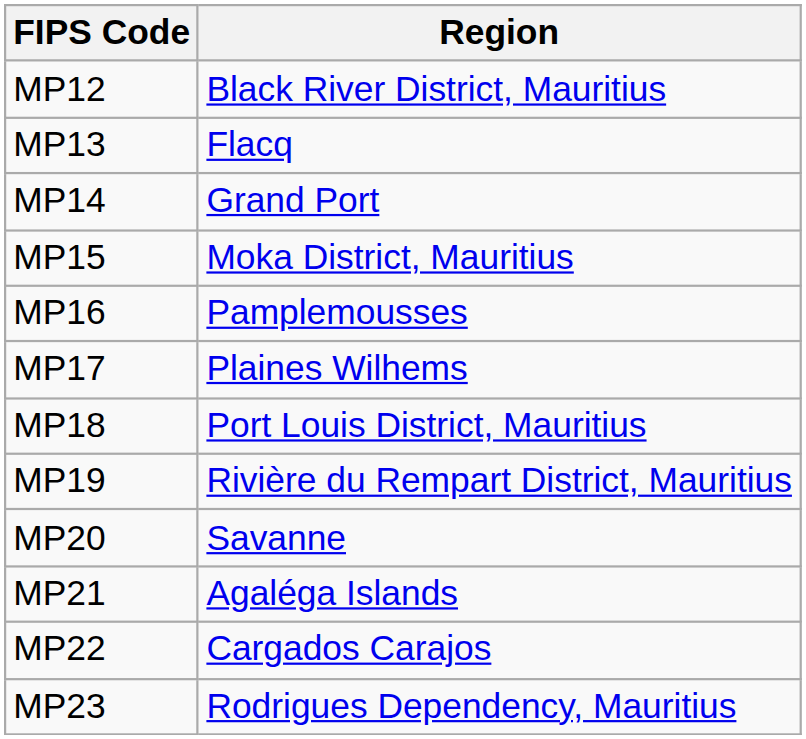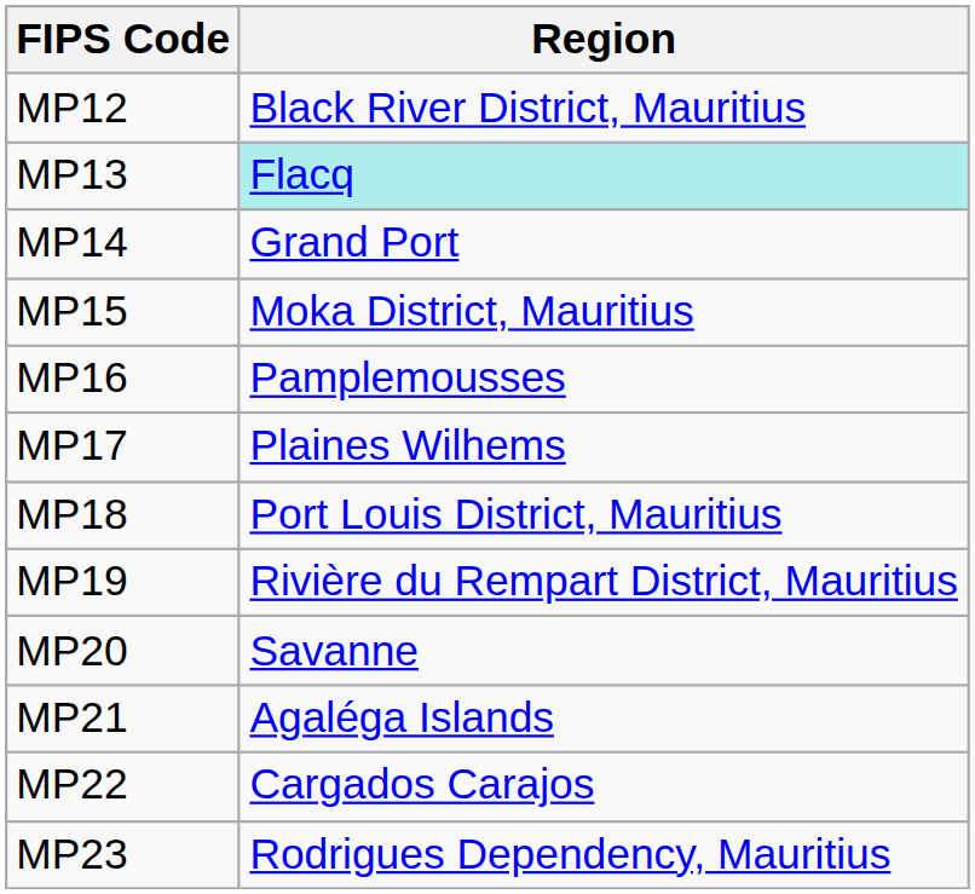 <table class="wikitable">
 <tr>
 <th>FIPS Code</th>
 <th>Region</th>
 </tr>
 <tr>
 <td>MP12</td>
 <td><a href='#'>Black River District, Mauritius</a></td>
 </tr>
 <tr>
 <td>MP13</td>
-<td><a href='#'>Flacq</a></td>
+<td style="background: paleturquoise;"><a href='#'>Flacq</a></td>
 </tr>
 <tr>
 <td>MP14</td>
 <td><a href='#'>Grand Port</a></td>
 </tr>
 <tr>
 <td>MP15</td>
 <td><a href='#'>Moka District, Mauritius</a></td>
 </tr>
 <tr>
 <td>MP16</td>
 <td><a href='#'>Pamplemousses</a></td>
 </tr>
 <tr>
 <td>MP17</td>
 <td><a href='#'>Plaines Wilhems</a></td>
 </tr>
 <tr>
 <td>MP18</td>
 <td><a href='#'>Port Louis District, Mauritius</a></td>
 </tr>
 <tr>
 <td>MP19</td>
 <td><a href='#'>Rivière du Rempart District, Mauritius</a></td>
 </tr>
 <tr>
 <td>MP20</td>
 <td><a href='#'>Savanne</a></td>
 </tr>
 <tr>
 <td>MP21</td>
 <td><a href='#'>Agaléga Islands</a></td>
 </tr>
 <tr>
 <td>MP22</td>
 <td><a href='#'>Cargados Carajos</a></td>
 </tr>
 <tr>
 <td>MP23</td>
 <td><a href='#'>Rodrigues Dependency, Mauritius</a></td>
 </tr>
 </table>
